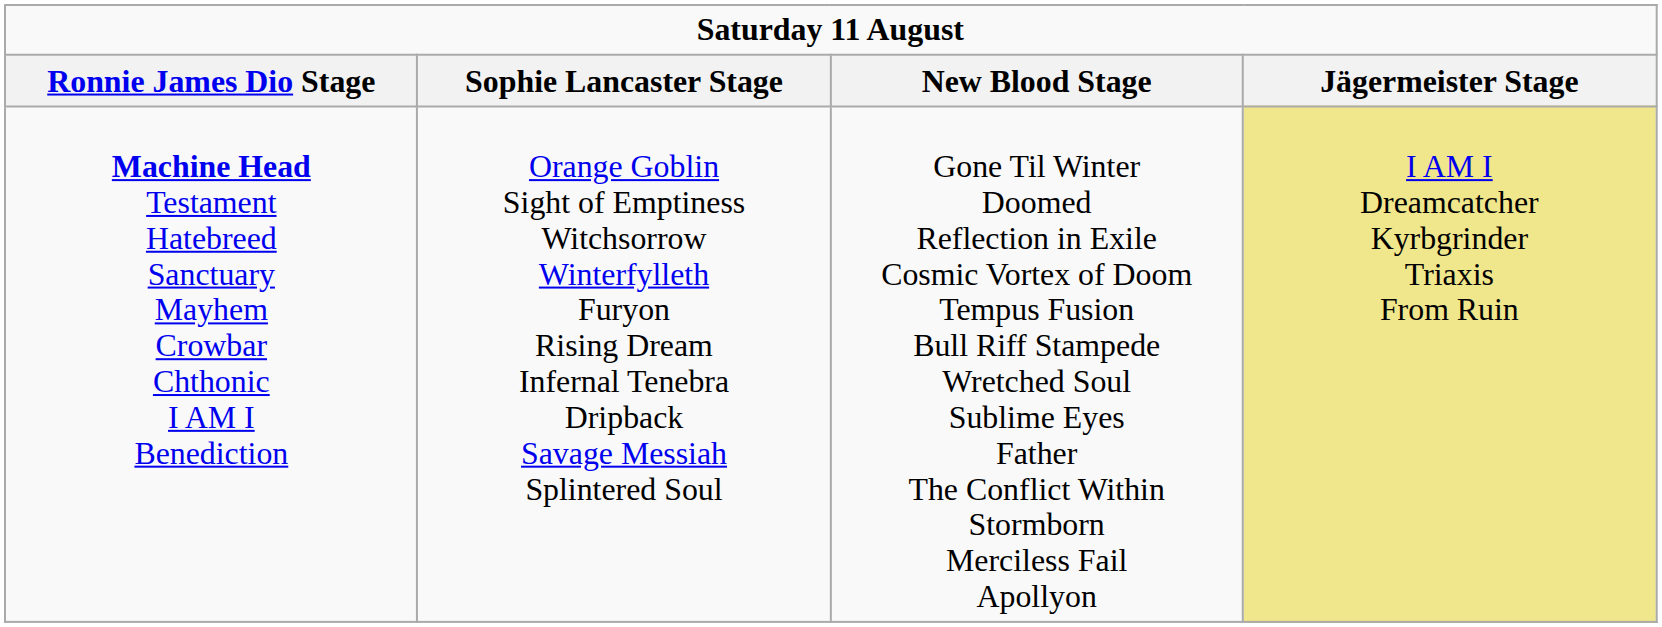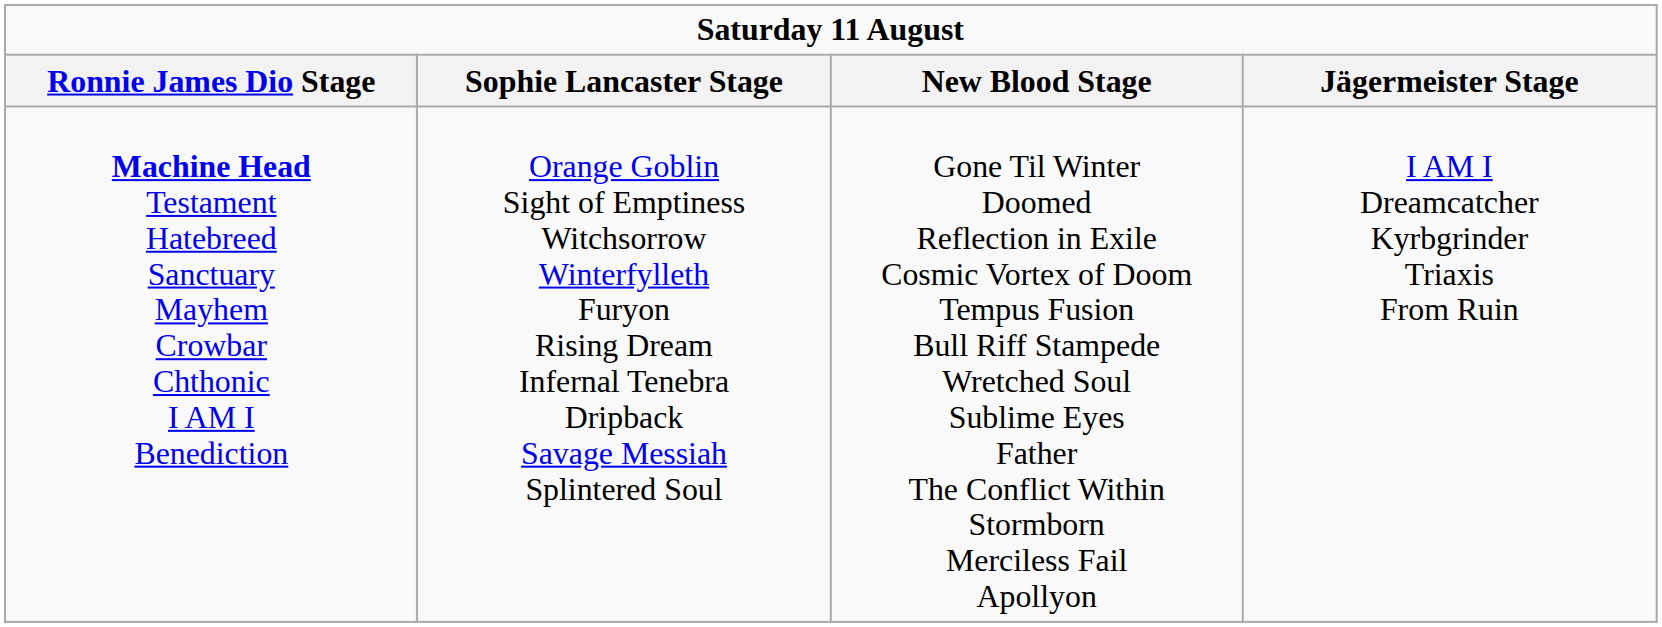 <table class="wikitable">
 <tr>
 <td colspan="4" align="center"><strong>Saturday 11 August</strong></td>
 </tr>
 <tr>
 <th><a href='#'>Ronnie James Dio</a> Stage</th>
 <th>Sophie Lancaster Stage</th>
 <th>New Blood Stage</th>
 <th>Jägermeister Stage</th>
 </tr>
 <tr>
 <td valign="top" align="center" width=200><br><strong><a href='#'>Machine Head</a></strong><br> <a href='#'>Testament</a><br> <a href='#'>Hatebreed</a><br> <a href='#'>Sanctuary</a><br> <a href='#'>Mayhem</a><br> <a href='#'>Crowbar</a><br> <a href='#'>Chthonic</a><br> <a href='#'>I AM I</a><br> <a href='#'>Benediction</a><br></td>
 <td valign="top" align="center" width=200><br><a href='#'>Orange Goblin</a><br> Sight of Emptiness<br> Witchsorrow<br> <a href='#'>Winterfylleth</a><br> Furyon<br> Rising Dream<br> Infernal Tenebra<br> Dripback<br> <a href='#'>Savage Messiah</a><br> Splintered Soul<br></td>
 <td valign="top" align="center" width=200><br>Gone Til Winter<br> Doomed<br> Reflection in Exile<br> Cosmic Vortex of Doom<br> Tempus Fusion<br> Bull Riff Stampede<br> Wretched Soul<br> Sublime Eyes<br> Father<br> The Conflict Within<br> Stormborn<br> Merciless Fail<br> Apollyon<br></td>
-<td valign="top" align="center" width=200 style="background: khaki;"><br><a href='#'>I AM I</a><br> Dreamcatcher<br> Kyrbgrinder<br> Triaxis<br> From Ruin<br></td>
+<td valign="top" align="center" width=200><br><a href='#'>I AM I</a><br> Dreamcatcher<br> Kyrbgrinder<br> Triaxis<br> From Ruin<br></td>
 </tr>
 </table>
